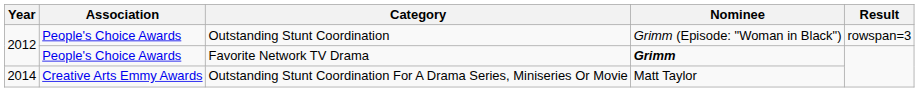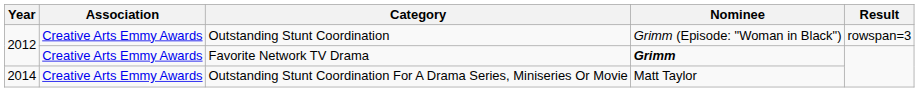 <table class="wikitable sortable">
 <tr>
 <th>Year</th>
 <th>Association</th>
 <th>Category</th>
 <th>Nominee</th>
 <th>Result</th>
 </tr>
 <tr>
 <td rowspan=2>2012</td>
-<td><a href='#'>People's Choice Awards</a></td>
+<td><a href='#'>Creative Arts Emmy Awards</a></td>
 <td>Outstanding Stunt Coordination</td>
 <td><em>Grimm</em> (Episode: "Woman in Black")</td>
 <td>rowspan=3 </td>
 </tr>
 <tr>
-<td><a href='#'>People's Choice Awards</a></td>
+<td><a href='#'>Creative Arts Emmy Awards</a></td>
 <td>Favorite Network TV Drama</td>
 <td><strong><em>Grimm</em></strong></td>
 </tr>
 <tr>
 <td>2014</td>
 <td><a href='#'>Creative Arts Emmy Awards</a></td>
 <td>Outstanding Stunt Coordination For A Drama Series, Miniseries Or Movie</td>
 <td>Matt Taylor</td>
 </tr>
 </table>
